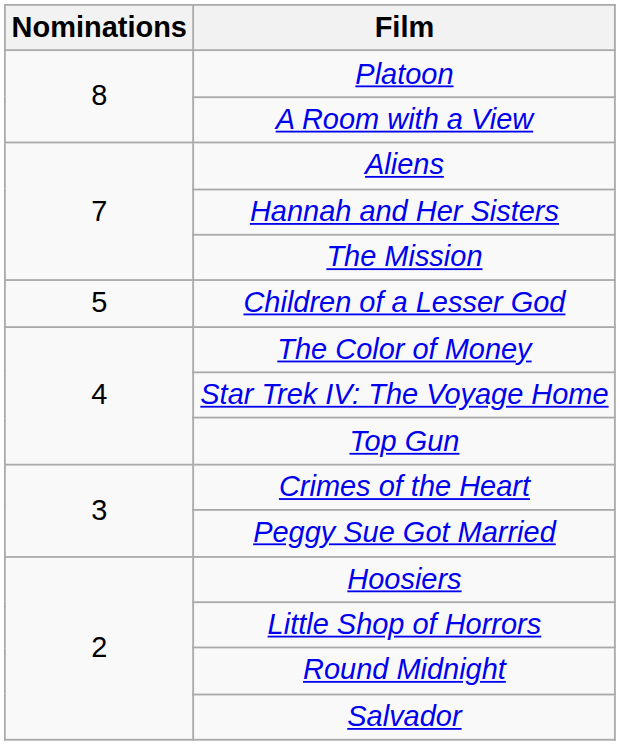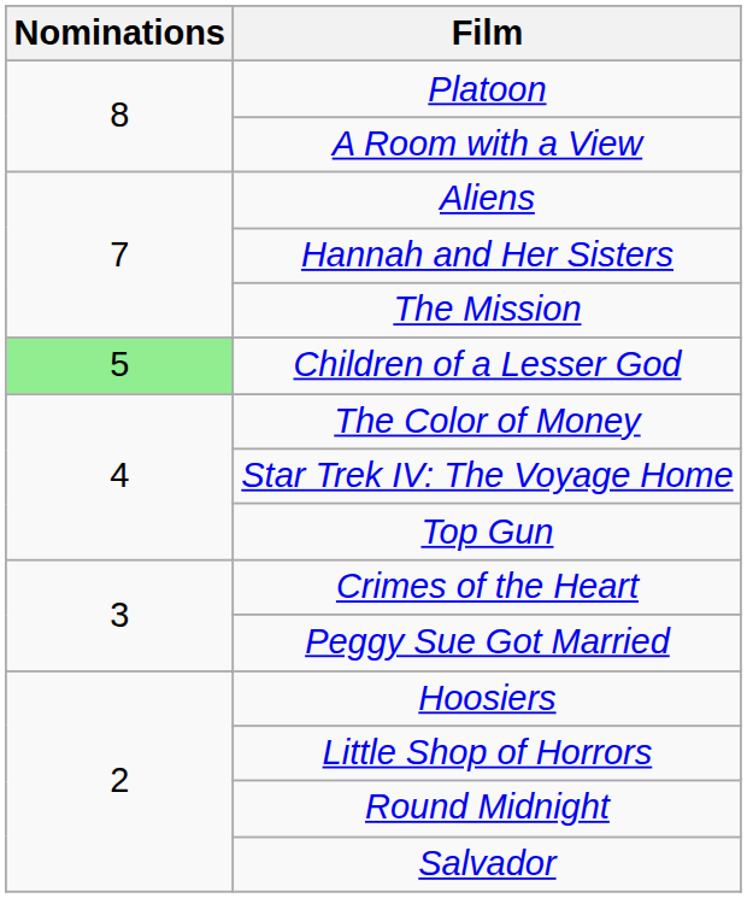 <table class="wikitable" style="text-align: center;">
 <tr>
 <th scope="col" width="55">Nominations</th>
 <th scope="col" align="center">Film</th>
 </tr>
 <tr>
 <td rowspan=2 style="text-align:center">8</td>
 <td><em><a href='#'>Platoon</a></em></td>
 </tr>
 <tr>
 <td><em><a href='#'>A Room with a View</a></em></td>
 </tr>
 <tr>
 <td rowspan=3 style="text-align:center">7</td>
 <td><em><a href='#'>Aliens</a></em></td>
 </tr>
 <tr>
 <td><em><a href='#'>Hannah and Her Sisters</a></em></td>
 </tr>
 <tr>
 <td><em><a href='#'>The Mission</a></em></td>
 </tr>
 <tr>
-<td style="text-align: center;">5</td>
+<td style="background: lightgreen; text-align: center;">5</td>
 <td><em><a href='#'>Children of a Lesser God</a></em></td>
 </tr>
 <tr>
 <td rowspan=3 style="text-align:center">4</td>
 <td><em><a href='#'>The Color of Money</a></em></td>
 </tr>
 <tr>
 <td><em><a href='#'>Star Trek IV: The Voyage Home</a></em></td>
 </tr>
 <tr>
 <td><em><a href='#'>Top Gun</a></em></td>
 </tr>
 <tr>
 <td rowspan=2 style="text-align:center">3</td>
 <td><em><a href='#'>Crimes of the Heart</a></em></td>
 </tr>
 <tr>
 <td><em><a href='#'>Peggy Sue Got Married</a></em></td>
 </tr>
 <tr>
 <td rowspan=4 style="text-align:center">2</td>
 <td><em><a href='#'>Hoosiers</a></em></td>
 </tr>
 <tr>
 <td><em><a href='#'>Little Shop of Horrors</a></em></td>
 </tr>
 <tr>
 <td><em><a href='#'>Round Midnight</a></em></td>
 </tr>
 <tr>
 <td><em><a href='#'>Salvador</a></em></td>
 </tr>
 </table>
